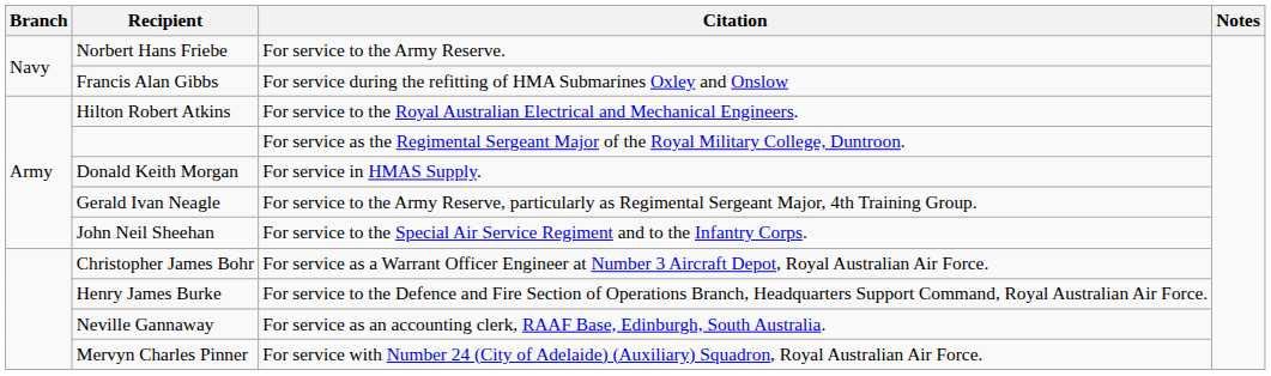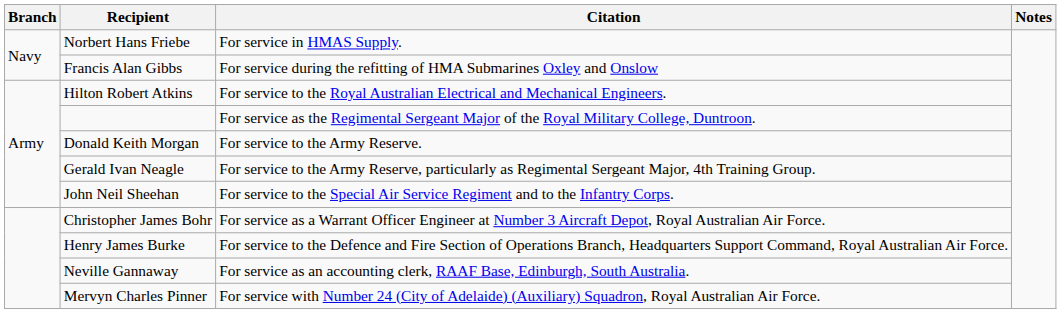 <table class="wikitable" style="font-size:95%;">
 <tr>
 <th>Branch</th>
 <th>Recipient</th>
 <th>Citation</th>
 <th>Notes</th>
 </tr>
 <tr>
 <td rowspan=2>Navy</td>
 <td> Norbert Hans Friebe</td>
-<td>For service to the Army Reserve.</td>
+<td>For service in <a href='#'>HMAS Supply</a>.</td>
 <td rowspan=11></td>
 </tr>
 <tr>
 <td> Francis Alan Gibbs</td>
 <td>For service during the refitting of HMA Submarines <a href='#'>Oxley</a> and <a href='#'>Onslow</a></td>
 </tr>
 <tr>
 <td rowspan=5>Army</td>
 <td> Hilton Robert Atkins</td>
 <td>For service to the <a href='#'>Royal Australian Electrical and Mechanical Engineers</a>.</td>
 </tr>
 <tr>
 <td></td>
 <td>For service as the <a href='#'>Regimental Sergeant Major</a> of the <a href='#'>Royal Military College, Duntroon</a>.</td>
 </tr>
 <tr>
 <td> Donald Keith Morgan</td>
-<td>For service in <a href='#'>HMAS Supply</a>.</td>
+<td>For service to the Army Reserve.</td>
 </tr>
 <tr>
 <td> Gerald Ivan Neagle</td>
 <td>For service to the Army Reserve, particularly as Regimental Sergeant Major, 4th Training Group.</td>
 </tr>
 <tr>
 <td> John Neil Sheehan</td>
 <td>For service to the <a href='#'>Special Air Service Regiment</a> and to the <a href='#'>Infantry Corps</a>.</td>
 </tr>
 <tr>
 <td rowspan=4></td>
 <td> Christopher James Bohr</td>
 <td>For service as a Warrant Officer Engineer at <a href='#'>Number 3 Aircraft Depot</a>, Royal Australian Air Force.</td>
 </tr>
 <tr>
 <td> Henry James Burke</td>
 <td>For service to the Defence and Fire Section of Operations Branch, Headquarters Support Command, Royal Australian Air Force.</td>
 </tr>
 <tr>
 <td> Neville Gannaway</td>
 <td>For service as an accounting clerk, <a href='#'>RAAF Base, Edinburgh, South Australia</a>.</td>
 </tr>
 <tr>
 <td> Mervyn Charles Pinner</td>
 <td>For service with <a href='#'>Number 24 (City of Adelaide) (Auxiliary) Squadron</a>, Royal Australian Air Force.</td>
 </tr>
 </table>
